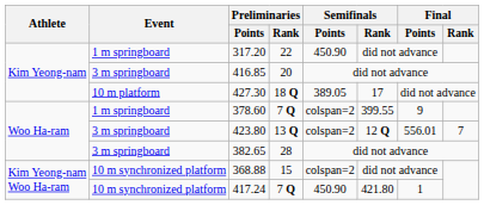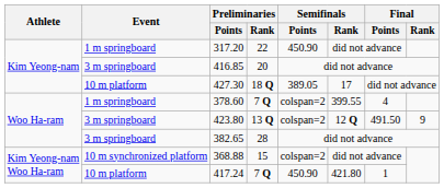 <table class=wikitable style="font-size:90%;">
 <tr>
 <th rowspan="2">Athlete</th>
 <th rowspan="2">Event</th>
 <th colspan="2">Preliminaries</th>
 <th colspan="2">Semifinals</th>
 <th colspan="2">Final</th>
 </tr>
 <tr style="font-size:95%">
 <th>Points</th>
 <th>Rank</th>
 <th>Points</th>
 <th>Rank</th>
 <th>Points</th>
 <th>Rank</th>
 </tr>
 <tr align=center>
 <td align=left rowspan=3><a href='#'>Kim Yeong-nam</a></td>
 <td align=left><a href='#'>1 m springboard</a></td>
 <td>317.20</td>
 <td>22</td>
 <td>450.90</td>
 <td colspan=2>did not advance</td>
 </tr>
 <tr align=center>
 <td align=left><a href='#'>3 m springboard</a></td>
 <td>416.85</td>
 <td>20</td>
 <td colspan=4>did not advance</td>
 </tr>
 <tr align=center>
 <td align=left><a href='#'>10 m platform</a></td>
 <td>427.30</td>
 <td>18 <strong>Q</strong></td>
 <td>389.05</td>
 <td>17</td>
 <td colspan=2>did not advance</td>
 </tr>
 <tr align=center>
 <td align=left rowspan=3><a href='#'>Woo Ha-ram</a></td>
 <td align=left><a href='#'>1 m springboard</a></td>
 <td>378.60</td>
 <td>7 <strong>Q</strong></td>
 <td>colspan=2 </td>
 <td>399.55</td>
-<td>9</td>
+<td>4</td>
 </tr>
 <tr align=center>
 <td align=left><a href='#'>3 m springboard</a></td>
 <td>423.80</td>
 <td>13 <strong>Q</strong></td>
 <td>colspan=2 </td>
 <td>12 <strong>Q</strong></td>
-<td>556.01</td>
-<td>7</td>
+<td>491.50</td>
+<td>9</td>
 </tr>
 <tr align=center>
 <td align=left><a href='#'>3 m springboard</a></td>
 <td>382.65</td>
 <td>28</td>
 <td colspan=4>did not advance</td>
 </tr>
 <tr align=center>
 <td align=left rowspan=2><a href='#'>Kim Yeong-nam</a><br><a href='#'>Woo Ha-ram</a></td>
 <td align=left><a href='#'>10 m synchronized platform</a></td>
 <td>368.88</td>
 <td>15</td>
 <td>colspan=2 </td>
 <td colspan=2>did not advance</td>
 </tr>
 <tr align=center>
-<td align=left><a href='#'>10 m synchronized platform</a></td>
+<td align=left><a href='#'>10 m platform</a></td>
 <td>417.24</td>
 <td>7 <strong>Q</strong></td>
 <td>450.90</td>
 <td>421.80</td>
 <td>1</td>
 </tr>
 </table>
